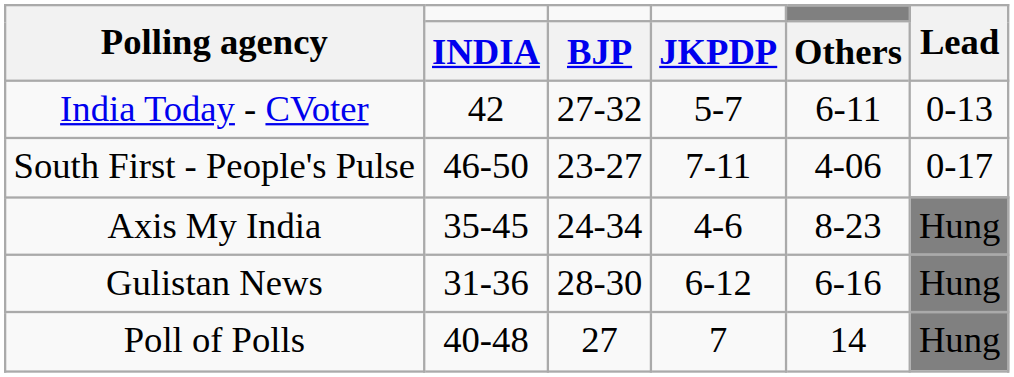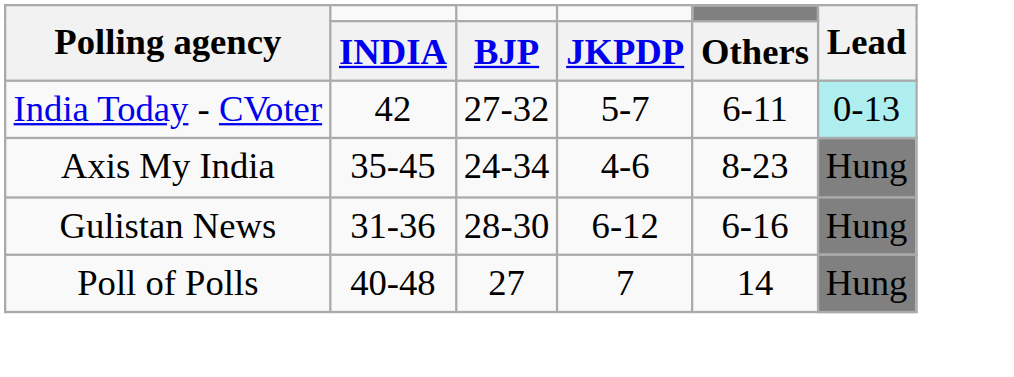 <table class="wikitable" style="text-align: center;">
 <tr>
 <th rowspan="2">Polling agency</th>
 <td colspan="1"></td>
 <td colspan="1"></td>
 <td colspan="1"></td>
 <td colspan="1" style="background:gray;"></td>
 <th rowspan="2">Lead</th>
 </tr>
 <tr>
 <th><a href='#'>INDIA</a></th>
 <th><a href='#'>BJP</a></th>
 <th><a href='#'>JKPDP</a></th>
 <th>Others</th>
 </tr>
 <tr>
 <td><a href='#'>India Today</a> - <a href='#'>CVoter</a></td>
 <td>42</td>
 <td>27-32</td>
 <td>5-7</td>
 <td>6-11</td>
-<td>0-13</td>
-</tr>
-<tr>
-<td>South First - People's Pulse</td>
-<td>46-50</td>
-<td>23-27</td>
-<td>7-11</td>
-<td>4-06</td>
-<td>0-17</td>
+<td style="background: paleturquoise;">0-13</td>
 </tr>
 <tr>
 <td>Axis My India</td>
 <td>35-45</td>
 <td>24-34</td>
 <td>4-6</td>
 <td>8-23</td>
 <td style="background:gray;">Hung</td>
 </tr>
 <tr>
 <td>Gulistan News</td>
 <td>31-36</td>
 <td>28-30</td>
 <td>6-12</td>
 <td>6-16</td>
 <td style="background:gray;">Hung</td>
 </tr>
 <tr>
 <td>Poll of Polls</td>
 <td>40-48</td>
 <td>27</td>
 <td>7</td>
 <td>14</td>
 <td style="background:gray;">Hung</td>
 </tr>
 </table>
